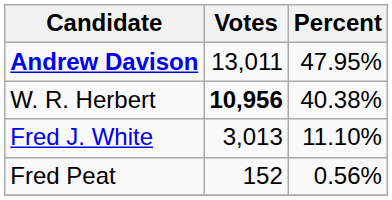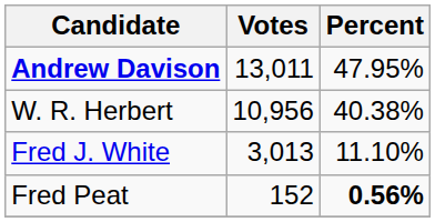 <table class="wikitable">
 <tr>
 <th>Candidate</th>
 <th>Votes</th>
 <th>Percent</th>
 </tr>
 <tr>
 <td style="font-weight:bold;"><a href='#'>Andrew Davison</a></td>
 <td style="text-align:right;">13,011</td>
 <td style="text-align:right;">47.95%</td>
 </tr>
 <tr>
 <td>W. R. Herbert</td>
-<td style="text-align:right;"><strong>10,956</strong></td>
+<td style="text-align:right;">10,956</td>
 <td style="text-align:right;">40.38%</td>
 </tr>
 <tr>
 <td><a href='#'>Fred J. White</a></td>
 <td style="text-align:right;">3,013</td>
 <td style="text-align:right;">11.10%</td>
 </tr>
 <tr>
 <td>Fred Peat</td>
 <td style="text-align:right;">152</td>
-<td style="text-align:right;">0.56%</td>
+<td style="text-align:right;"><strong>0.56%</strong></td>
 </tr>
 <tr>
 </tr>
 </table>
